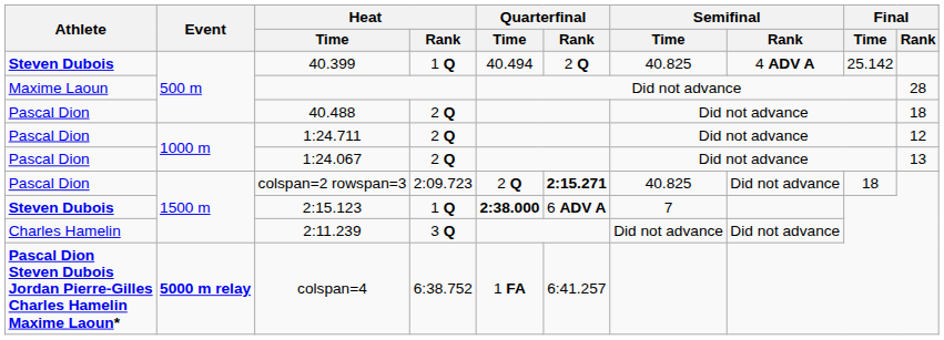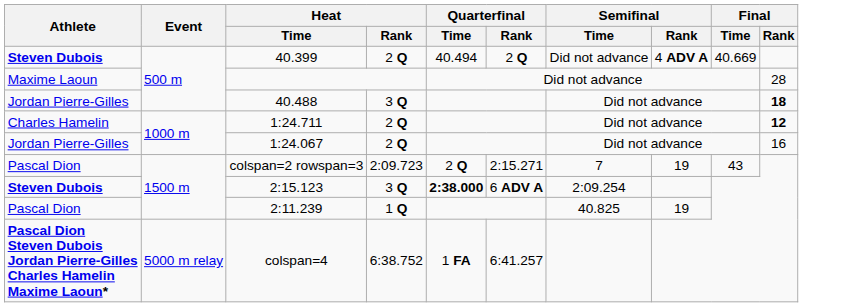 <table class=wikitable style=font-size:90%;text-align:center>
 <tr>
 <th rowspan=2>Athlete</th>
 <th rowspan=2>Event</th>
 <th colspan=2>Heat</th>
 <th colspan=2>Quarterfinal</th>
 <th colspan=2>Semifinal</th>
 <th colspan=2>Final</th>
 </tr>
 <tr style=font-size:95%>
 <th>Time</th>
 <th>Rank</th>
 <th>Time</th>
 <th>Rank</th>
 <th>Time</th>
 <th>Rank</th>
 <th>Time</th>
 <th>Rank</th>
 </tr>
 <tr>
 <td align=left><strong><a href='#'>Steven Dubois</a></strong></td>
 <td align=left rowspan=3><a href='#'>500 m</a></td>
 <td>40.399</td>
-<td>1 <strong>Q</strong></td>
+<td>2 <strong>Q</strong></td>
 <td>40.494</td>
 <td>2 <strong>Q</strong></td>
-<td>40.825</td>
+<td>Did not advance</td>
 <td>4 <strong>ADV A</strong></td>
-<td>25.142</td>
+<td>40.669</td>
 <td></td>
 </tr>
 <tr>
 <td align=left><a href='#'>Maxime Laoun</a></td>
 <td colspan=2></td>
 <td colspan=5>Did not advance</td>
 <td>28</td>
 </tr>
 <tr>
-<td align=left><a href='#'>Pascal Dion</a></td>
+<td align=left><a href='#'>Jordan Pierre-Gilles</a></td>
 <td>40.488</td>
-<td>2 <strong>Q</strong></td>
+<td>3 <strong>Q</strong></td>
 <td colspan=2></td>
 <td colspan=3>Did not advance</td>
-<td>18</td>
+<td><strong>18</strong></td>
 </tr>
 <tr>
-<td align=left><a href='#'>Pascal Dion</a></td>
+<td align=left><a href='#'>Charles Hamelin</a></td>
 <td align=left rowspan=2><a href='#'>1000 m</a></td>
 <td>1:24.711</td>
 <td>2 <strong>Q</strong></td>
 <td colspan=2></td>
 <td colspan=3>Did not advance</td>
-<td>12</td>
+<td><strong>12</strong></td>
 </tr>
 <tr>
-<td align=left><a href='#'>Pascal Dion</a></td>
+<td align=left><a href='#'>Jordan Pierre-Gilles</a></td>
 <td>1:24.067</td>
 <td>2 <strong>Q</strong></td>
 <td colspan=2></td>
 <td colspan=3>Did not advance</td>
-<td>13</td>
+<td>16</td>
 </tr>
 <tr>
 <td align=left><a href='#'>Pascal Dion</a></td>
 <td align=left rowspan=3><a href='#'>1500 m</a></td>
 <td>colspan=2 rowspan=3 </td>
 <td>2:09.723</td>
 <td>2 <strong>Q</strong></td>
-<td><strong>2:15.271</strong></td>
-<td>40.825</td>
-<td>Did not advance</td>
-<td>18</td>
+<td>2:15.271</td>
+<td>7</td>
+<td>19</td>
+<td>43</td>
 </tr>
 <tr>
 <td align=left><strong><a href='#'>Steven Dubois</a></strong></td>
 <td>2:15.123</td>
-<td>1 <strong>Q</strong></td>
+<td>3 <strong>Q</strong></td>
 <td><strong>2:38.000</strong></td>
 <td>6 <strong>ADV A</strong></td>
-<td>7</td>
+<td>2:09.254</td>
 <td></td>
 </tr>
 <tr>
-<td align=left><a href='#'>Charles Hamelin</a></td>
+<td align=left><a href='#'>Pascal Dion</a></td>
 <td>2:11.239</td>
-<td>3 <strong>Q</strong></td>
+<td>1 <strong>Q</strong></td>
 <td colspan=2></td>
-<td>Did not advance</td>
-<td>Did not advance</td>
+<td>40.825</td>
+<td>19</td>
 </tr>
 <tr>
 <td align=left><strong><a href='#'>Pascal Dion</a><br><a href='#'>Steven Dubois</a><br><a href='#'>Jordan Pierre-Gilles</a><br><a href='#'>Charles Hamelin</a><br><a href='#'>Maxime Laoun</a>*</strong></td>
-<td align=left><strong><a href='#'>5000 m relay</a></strong></td>
+<td align=left><a href='#'>5000 m relay</a></td>
 <td>colspan=4 </td>
 <td>6:38.752</td>
 <td>1 <strong>FA</strong></td>
 <td>6:41.257</td>
 <td></td>
 </tr>
 </table>
